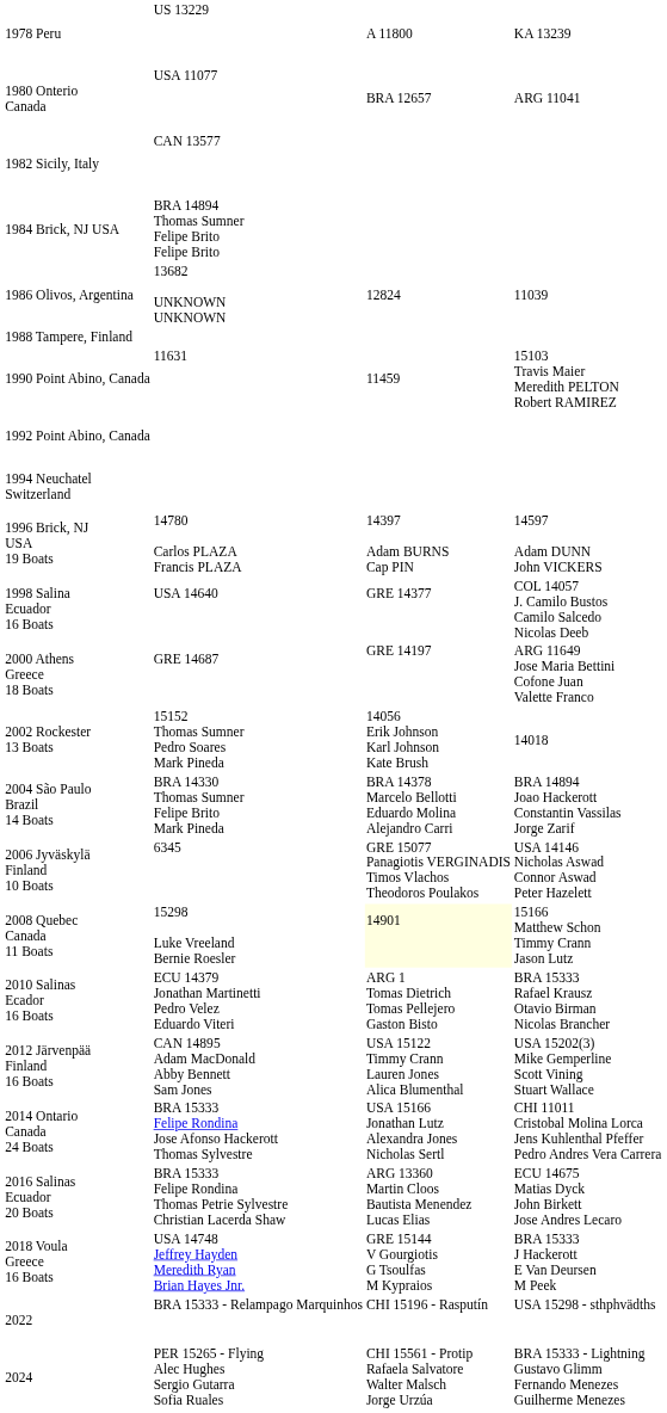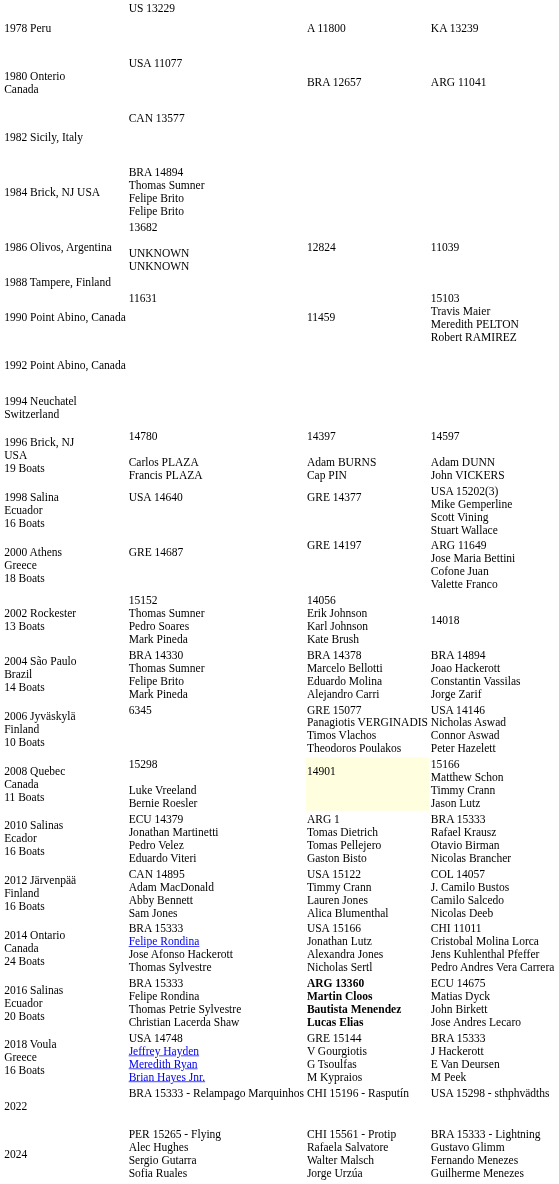 <table>
 <tr>
 <td>1978 Peru</td>
 <td>US 13229<br><br><br> <br> </td>
 <td>A 11800</td>
 <td>KA 13239</td>
 <td></td>
 </tr>
 <tr>
 <td>1980 Onterio<br>Canada</td>
 <td>USA 11077<br><br><br> <br> </td>
 <td>BRA 12657</td>
 <td>ARG 11041</td>
 <td></td>
 </tr>
 <tr>
 <td>1982 Sicily, Italy</td>
 <td>CAN 13577<br><br><br> <br> </td>
 <td></td>
 <td></td>
 <td></td>
 </tr>
 <tr>
 <td>1984 Brick, NJ USA</td>
 <td>BRA 14894<br>Thomas Sumner<br>Felipe Brito<br>Felipe Brito</td>
 <td></td>
 <td></td>
 <td></td>
 </tr>
 <tr>
 <td>1986 Olivos, Argentina</td>
 <td>13682<br><br>UNKNOWN<br>UNKNOWN</td>
 <td>12824<br></td>
 <td>11039<br></td>
 <td></td>
 </tr>
 <tr>
 <td>1988 Tampere, Finland</td>
 <td></td>
 <td></td>
 <td></td>
 <td></td>
 </tr>
 <tr>
 <td>1990 Point Abino, Canada</td>
 <td>11631<br><br><br> <br> </td>
 <td>11459<br></td>
 <td>15103<br>Travis Maier<br>Meredith PELTON<br>Robert RAMIREZ</td>
 <td></td>
 </tr>
 <tr>
 <td>1992 Point Abino, Canada</td>
 <td><br><br><br> </td>
 <td></td>
 <td></td>
 <td></td>
 </tr>
 <tr>
 <td>1994 Neuchatel<br>Switzerland</td>
 <td><br><br><br> </td>
 <td></td>
 <td></td>
 <td></td>
 </tr>
 <tr>
 <td>1996 Brick, NJ<br>USA<br>19 Boats</td>
 <td>14780<br><br>Carlos	PLAZA<br>Francis PLAZA</td>
 <td>14397<br><br>Adam BURNS<br>Cap PIN</td>
 <td>14597<br><br>Adam DUNN<br>John VICKERS</td>
 <td></td>
 </tr>
 <tr>
 <td>1998 Salina<br>Ecuador<br>16 Boats</td>
 <td>USA 14640<br><br><br></td>
 <td>GRE 14377<br><br><br></td>
-<td>COL 14057<br>J. Camilo Bustos<br>Camilo Salcedo<br>Nicolas Deeb</td>
+<td>USA 15202(3)<br>Mike Gemperline<br>Scott Vining<br>Stuart Wallace</td>
 <td></td>
 </tr>
 <tr>
 <td>2000 Athens<br>Greece<br>18 Boats</td>
 <td>GRE 14687<br><br><br></td>
 <td>GRE 14197<br><br><br><br></td>
 <td>ARG 11649<br>Jose Maria Bettini<br>Cofone Juan<br>Valette Franco</td>
 <td></td>
 </tr>
 <tr>
 <td>2002 Rockester<br>13 Boats</td>
 <td>15152<br>Thomas Sumner<br>Pedro Soares<br>Mark Pineda</td>
 <td>14056<br>Erik Johnson<br>Karl Johnson<br>Kate Brush</td>
 <td>14018<br></td>
 <td></td>
 </tr>
 <tr>
 <td>2004 São Paulo<br>Brazil<br>14 Boats</td>
 <td>BRA 14330<br>Thomas Sumner<br>Felipe Brito<br>Mark Pineda</td>
 <td>BRA 14378<br>Marcelo Bellotti<br>Eduardo Molina<br>Alejandro Carri</td>
 <td>BRA 14894<br>Joao Hackerott<br>Constantin Vassilas<br>Jorge Zarif</td>
 <td></td>
 </tr>
 <tr>
 <td>2006 Jyväskylä<br>Finland<br>10 Boats</td>
 <td>6345<br><br><br> <br> </td>
 <td>GRE 15077<br>Panagiotis VERGINADIS<br>Timos Vlachos<br>Theodoros Poulakos</td>
 <td>USA 14146<br>Nicholas Aswad<br>Connor Aswad<br>Peter Hazelett</td>
 <td></td>
 </tr>
 <tr>
 <td>2008 Quebec<br>Canada<br>11 Boats</td>
 <td>15298<br><br>Luke Vreeland<br>Bernie Roesler</td>
 <td style="background: lightyellow;">14901<br><br><br></td>
 <td>15166<br>Matthew Schon<br>Timmy Crann<br>Jason Lutz</td>
 <td></td>
 </tr>
 <tr>
 <td>2010 Salinas<br>Ecador<br>16 Boats</td>
 <td>ECU 14379<br>Jonathan Martinetti<br>Pedro Velez<br>Eduardo Viteri</td>
 <td>ARG 1<br>Tomas Dietrich<br>Tomas Pellejero<br>Gaston Bisto</td>
 <td>BRA 15333<br>Rafael Krausz<br>Otavio Birman<br>Nicolas	Brancher</td>
 <td></td>
 </tr>
 <tr>
 <td>2012 Järvenpää<br>Finland<br>16 Boats</td>
 <td>CAN 14895<br>Adam MacDonald<br>Abby Bennett<br>Sam Jones</td>
 <td>USA 15122<br>Timmy Crann<br>Lauren Jones<br>Alica Blumenthal</td>
-<td>USA 15202(3)<br>Mike Gemperline<br>Scott Vining<br>Stuart Wallace</td>
+<td>COL 14057<br>J. Camilo Bustos<br>Camilo Salcedo<br>Nicolas Deeb</td>
 <td></td>
 </tr>
 <tr>
 <td>2014 Ontario<br>Canada<br>24 Boats</td>
 <td>BRA 15333<br><a href='#'>Felipe Rondina</a><br>Jose Afonso Hackerott<br>Thomas Sylvestre</td>
 <td>USA 15166<br>Jonathan Lutz<br>Alexandra Jones<br>Nicholas Sertl</td>
 <td>CHI 11011<br>Cristobal Molina Lorca<br>Jens Kuhlenthal Pfeffer<br>Pedro Andres Vera Carrera</td>
 <td></td>
 </tr>
 <tr>
 <td>2016 Salinas<br>Ecuador<br>20 Boats</td>
 <td>BRA 15333<br>Felipe Rondina<br>Thomas Petrie Sylvestre<br>Christian Lacerda Shaw</td>
-<td>ARG 13360<br>Martin Cloos<br>Bautista Menendez<br>Lucas Elias</td>
+<td><strong>ARG 13360<br>Martin Cloos<br>Bautista Menendez<br>Lucas Elias</strong></td>
 <td>ECU 14675<br>Matias Dyck<br>John Birkett<br>Jose Andres Lecaro</td>
 <td></td>
 </tr>
 <tr>
 <td>2018 Voula<br>Greece<br>16 Boats</td>
 <td>USA 14748<br><a href='#'>Jeffrey Hayden</a><br><a href='#'>Meredith Ryan</a><br><a href='#'>Brian Hayes Jnr.</a></td>
 <td>GRE 15144<br>V Gourgiotis<br>G Tsoulfas<br>M Kypraios</td>
 <td>BRA 15333<br>J Hackerott<br>E Van Deursen<br>M Peek</td>
 <td></td>
 </tr>
 <tr>
 <td>2022</td>
 <td>BRA 15333 - Relampago Marquinhos<br><br><br></td>
 <td>CHI 15196 - Rasputín<br><br><br></td>
 <td>USA 15298 - sthphvädths<br><br><br></td>
 <td></td>
 </tr>
 <tr>
 <td>2024</td>
 <td>PER 15265 - Flying <br> Alec Hughes <br> Sergio Gutarra <br> Sofia Ruales</td>
 <td>CHI 15561 - Protip <br> Rafaela Salvatore <br> Walter Malsch <br> Jorge Urzúa</td>
 <td>BRA 15333 - Lightning <br> Gustavo Glimm <br> Fernando Menezes <br> Guilherme Menezes</td>
 <td></td>
 </tr>
 <tr>
 </tr>
 </table>
